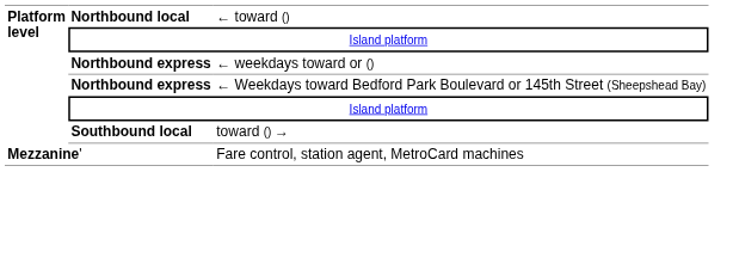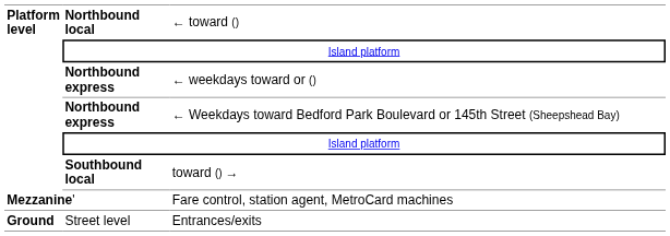 <table table border=0 cellspacing=0 cellpadding=3>
 <tr>
 <td style="border-top:solid 1px gray;border-bo50om:solid 1px gray;" valign=top rowspan=6><strong>Platform<br>level</strong></td>
 <td style="border-top:solid 1px gray;"><span><strong>Northbound local</strong></span></td>
 <td style="border-top:solid 1px gray;">←  toward  <small>()</small></td>
 </tr>
 <tr>
 <td style="border-top:solid 2px black;border-right:solid 2px black;border-left:solid 2px black;border-bottom:solid 2px black;text-align:center;" colspan=2><small><a href='#'>Island platform</a></small></td>
 </tr>
 <tr>
 <td style="border-bottom:solid 1px gray;"><span><strong>Northbound express</strong></span></td>
 <td style="border-bottom:solid 1px gray;">←  weekdays toward  or  <small>()</small></td>
 </tr>
 <tr>
 <td><span><strong>Northbound express</strong></span></td>
 <td>←  Weekdays toward Bedford Park Boulevard or 145th Street <small>(Sheepshead Bay)</small></td>
 </tr>
 <tr>
 <td style="border-top:solid 2px black;border-right:solid 2px black;border-left:solid 2px black;border-bottom:solid 2px black;text-align:center;" colspan=2><small><a href='#'>Island platform</a></small></td>
 </tr>
 <tr>
 <td style="border-bottom:solid 1px gray;"><span><strong>Southbound local</strong></span></td>
 <td style="border-bottom:solid 1px gray;">  toward  <small>() </small> →</td>
 </tr>
 <tr>
 <td style="border-bottom:solid 1px gray;" colspan=2><strong>Mezzanine</strong>'</td>
 <td style="border-bottom:solid 1px gray;">Fare control, station agent, MetroCard machines</td>
 </tr>
+<tr>
+<td style="border-bottom:solid 1px gray;" width=50><strong>Ground</strong></td>
+<td style="border-bottom:solid 1px gray;" width=125>Street level</td>
+<td style="border-bottom:solid 1px gray;" width=600>Entrances/exits</td>
+</tr>
 </table>
